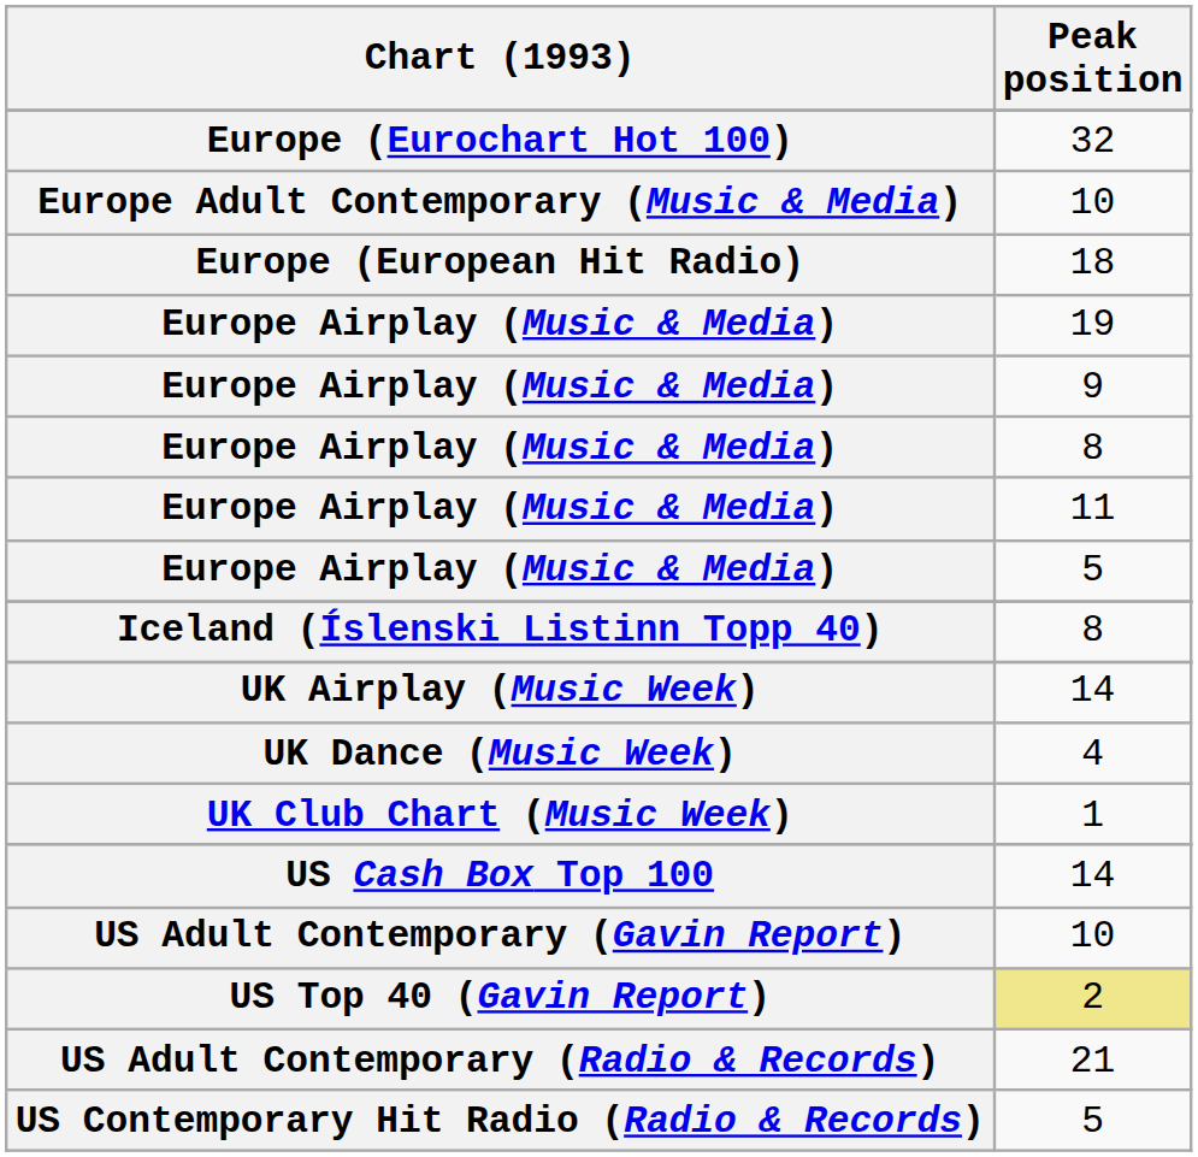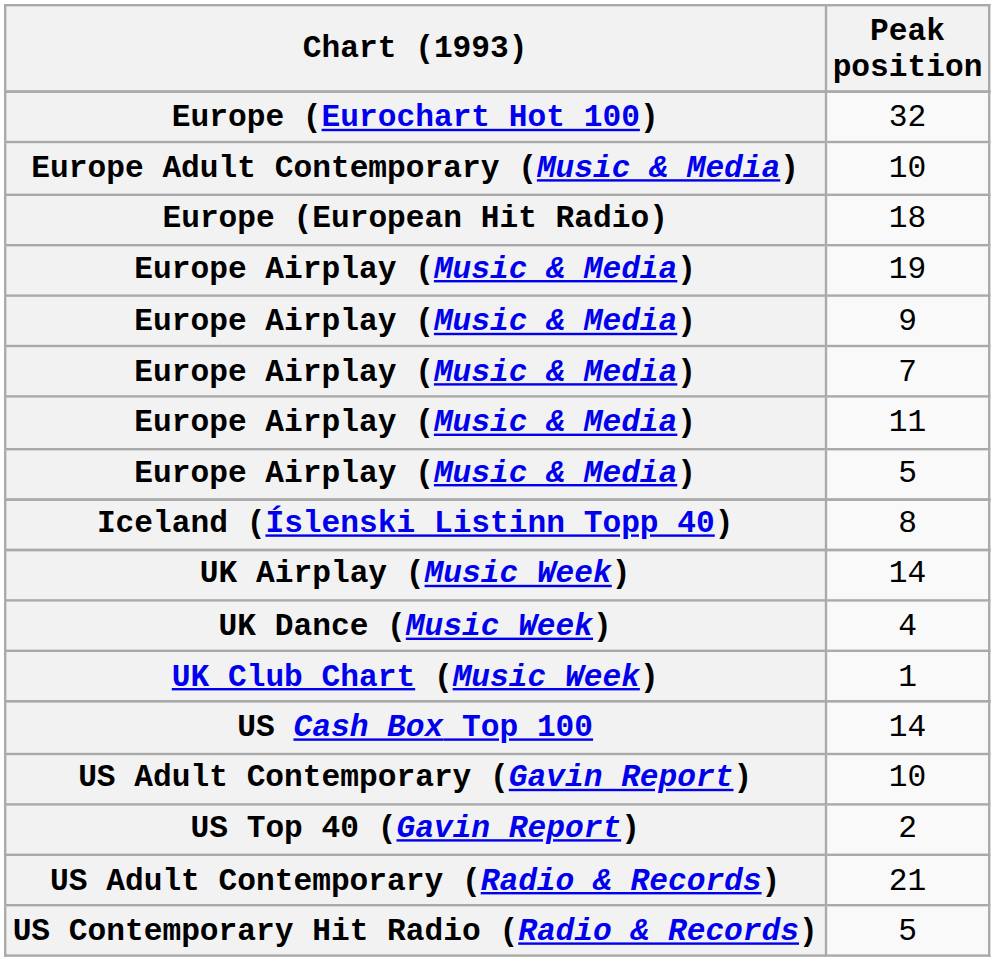 <table class="wikitable sortable plainrowheaders" style="text-align:center">
 <tr>
 <th>Chart (1993)</th>
 <th>Peak<br>position</th>
 </tr>
 <tr>
 </tr>
 <tr>
 </tr>
 <tr>
 </tr>
 <tr>
 </tr>
 <tr>
 </tr>
 <tr>
 </tr>
 <tr>
 <th scope="row">Europe (<a href='#'>Eurochart Hot 100</a>)</th>
 <td>32</td>
 </tr>
 <tr>
 <th scope="row">Europe Adult Contemporary (<em><a href='#'>Music & Media</a></em>)</th>
 <td>10</td>
 </tr>
 <tr>
 <th scope="row">Europe (European Hit Radio)</th>
 <td>18</td>
 </tr>
 <tr>
 <th scope="row">Europe  Airplay (<em><a href='#'>Music & Media</a></em>)</th>
 <td>19</td>
 </tr>
 <tr>
 <th scope="row">Europe  Airplay (<em><a href='#'>Music & Media</a></em>)</th>
 <td>9</td>
 </tr>
 <tr>
 <th scope="row">Europe  Airplay (<em><a href='#'>Music & Media</a></em>)</th>
-<td>8</td>
+<td>7</td>
 </tr>
 <tr>
 <th scope="row">Europe  Airplay (<em><a href='#'>Music & Media</a></em>)</th>
 <td>11</td>
 </tr>
 <tr>
 <th scope="row">Europe  Airplay (<em><a href='#'>Music & Media</a></em>)</th>
 <td>5</td>
 </tr>
 <tr>
 </tr>
 <tr>
 <th scope="row">Iceland (<a href='#'>Íslenski Listinn Topp 40</a>)</th>
 <td>8</td>
 </tr>
 <tr>
 </tr>
 <tr>
 </tr>
 <tr>
 </tr>
 <tr>
 </tr>
 <tr>
 </tr>
 <tr>
 </tr>
 <tr>
 </tr>
 <tr>
 <th scope="row">UK Airplay (<em><a href='#'>Music Week</a></em>)</th>
 <td>14</td>
 </tr>
 <tr>
 <th scope="row">UK Dance (<em><a href='#'>Music Week</a></em>)</th>
 <td>4</td>
 </tr>
 <tr>
 <th scope="row"><a href='#'>UK Club Chart</a> (<em><a href='#'>Music Week</a></em>)</th>
 <td>1</td>
 </tr>
 <tr>
 </tr>
 <tr>
 </tr>
 <tr>
 </tr>
 <tr>
 </tr>
 <tr>
 </tr>
 <tr>
 <th scope="row">US <a href='#'><em>Cash Box</em> Top 100</a></th>
 <td>14</td>
 </tr>
 <tr>
 <th scope="row">US Adult Contemporary (<em><a href='#'>Gavin Report</a></em>)</th>
 <td>10</td>
 </tr>
 <tr>
 <th scope="row">US Top 40 (<em><a href='#'>Gavin Report</a></em>)</th>
-<td style="background: khaki;">2</td>
+<td>2</td>
 </tr>
 <tr>
 <th scope="row">US Adult Contemporary (<em><a href='#'>Radio & Records</a></em>)</th>
 <td>21</td>
 </tr>
 <tr>
 <th scope="row">US Contemporary Hit Radio (<em><a href='#'>Radio & Records</a></em>)</th>
 <td>5</td>
 </tr>
 </table>
